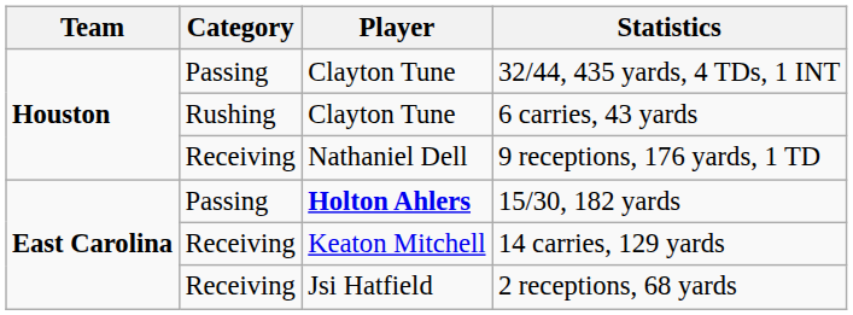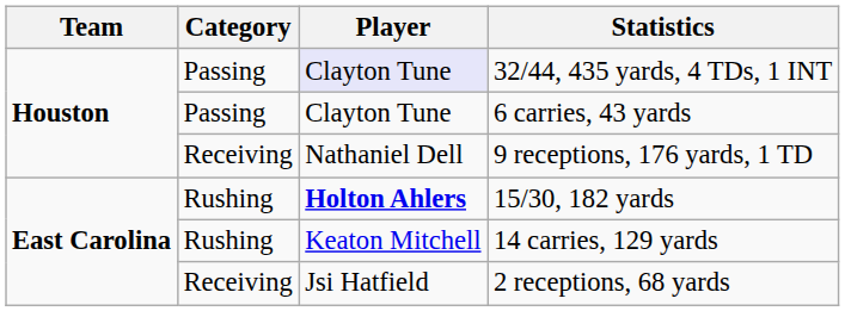 <table class="wikitable" style="float: right;">
 <tr>
 <th>Team</th>
 <th>Category</th>
 <th>Player</th>
 <th>Statistics</th>
 </tr>
 <tr>
 <td rowspan=3><strong>Houston</strong></td>
 <td>Passing</td>
-<td>Clayton Tune</td>
+<td style="background: lavender;">Clayton Tune</td>
 <td>32/44, 435 yards, 4 TDs, 1 INT</td>
 </tr>
 <tr>
-<td>Rushing</td>
+<td>Passing</td>
 <td>Clayton Tune</td>
 <td>6 carries, 43 yards</td>
 </tr>
 <tr>
 <td>Receiving</td>
 <td>Nathaniel Dell</td>
 <td>9 receptions, 176 yards, 1 TD</td>
 </tr>
 <tr>
 <td rowspan=3><strong>East Carolina</strong></td>
-<td>Passing</td>
+<td>Rushing</td>
 <td><strong><a href='#'>Holton Ahlers</a></strong></td>
 <td>15/30, 182 yards</td>
 </tr>
 <tr>
-<td>Receiving</td>
+<td>Rushing</td>
 <td><a href='#'>Keaton Mitchell</a></td>
 <td>14 carries, 129 yards</td>
 </tr>
 <tr>
 <td>Receiving</td>
 <td>Jsi Hatfield</td>
 <td>2 receptions, 68 yards</td>
 </tr>
 </table>
